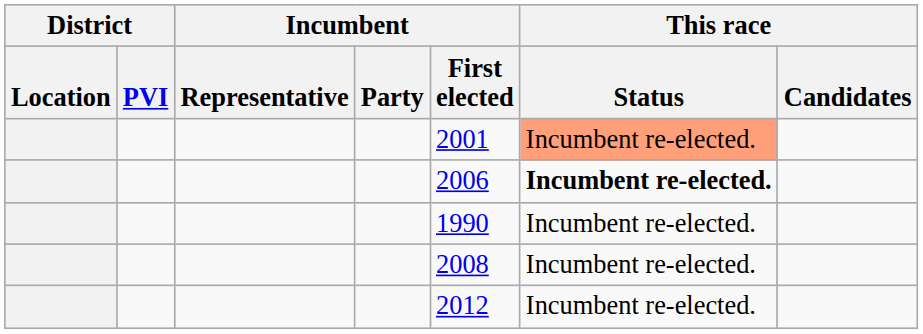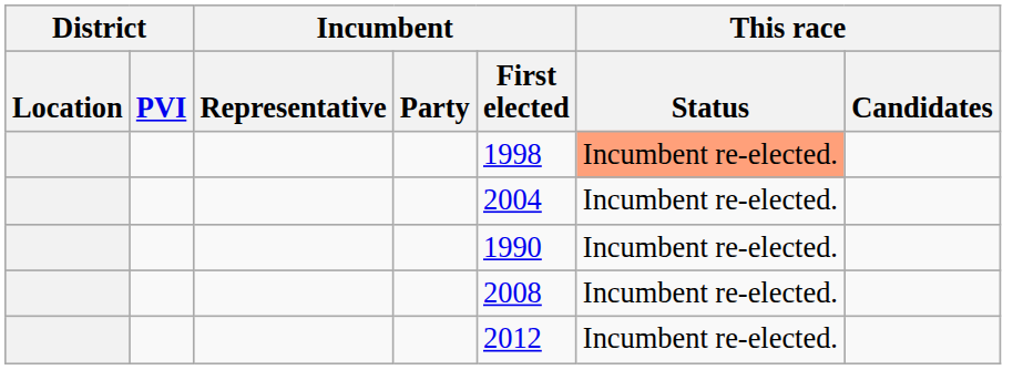 <table class="wikitable sortable">
 <tr valign=bottom>
 <th colspan=2>District</th>
 <th colspan=3>Incumbent</th>
 <th colspan=2>This race</th>
 </tr>
 <tr valign=bottom>
 <th>Location</th>
 <th><a href='#'>PVI</a></th>
 <th>Representative</th>
 <th>Party</th>
 <th>First<br>elected</th>
 <th>Status</th>
 <th>Candidates</th>
 </tr>
 <tr>
 <th></th>
 <td></td>
 <td></td>
 <td></td>
-<td><a href='#'>2001</a></td>
+<td><a href='#'>1998</a></td>
 <td style="background: lightsalmon;">Incumbent re-elected.</td>
 <td nowrap></td>
 </tr>
 <tr>
 <th></th>
 <td></td>
 <td></td>
 <td></td>
-<td><a href='#'>2006</a></td>
-<td><strong>Incumbent re-elected.</strong></td>
+<td><a href='#'>2004</a></td>
+<td>Incumbent re-elected.</td>
 <td nowrap></td>
 </tr>
 <tr>
 <th></th>
 <td></td>
 <td></td>
 <td></td>
 <td><a href='#'>1990</a></td>
 <td>Incumbent re-elected.</td>
 <td nowrap></td>
 </tr>
 <tr>
 <th></th>
 <td></td>
 <td></td>
 <td></td>
 <td><a href='#'>2008</a></td>
 <td>Incumbent re-elected.</td>
 <td nowrap></td>
 </tr>
 <tr>
 <th></th>
 <td></td>
 <td></td>
 <td></td>
 <td><a href='#'>2012</a></td>
 <td>Incumbent re-elected.</td>
 <td nowrap></td>
 </tr>
 </table>
